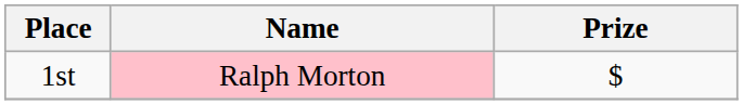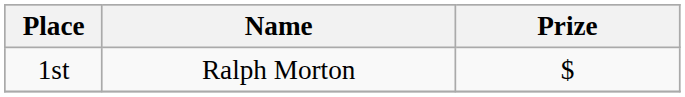 <table class="wikitable">
 <tr>
 <th width="50">Place</th>
 <th width="200">Name</th>
 <th width="125">Prize</th>
 </tr>
 <tr>
 <td align = "center">1st</td>
-<td align = "center" style="background: pink;">Ralph Morton</td>
+<td align = "center">Ralph Morton</td>
 <td align = "center">$</td>
 </tr>
 <tr>
 </tr>
 </table>
